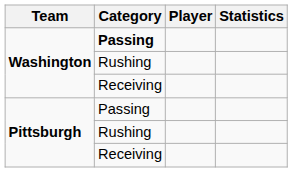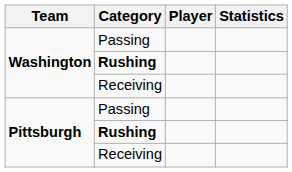 <table class="wikitable" style="float: right;">
 <tr>
 <th>Team</th>
 <th>Category</th>
 <th>Player</th>
 <th>Statistics</th>
 </tr>
 <tr>
 <td rowspan=3><strong>Washington</strong></td>
-<td><strong>Passing</strong></td>
+<td>Passing</td>
 <td></td>
 <td></td>
 </tr>
 <tr>
-<td>Rushing</td>
+<td><strong>Rushing</strong></td>
 <td></td>
 <td></td>
 </tr>
 <tr>
 <td>Receiving</td>
 <td></td>
 <td></td>
 </tr>
 <tr>
 <td rowspan=3><strong>Pittsburgh</strong></td>
 <td>Passing</td>
 <td></td>
 <td></td>
 </tr>
 <tr>
-<td>Rushing</td>
+<td><strong>Rushing</strong></td>
 <td></td>
 <td></td>
 </tr>
 <tr>
 <td>Receiving</td>
 <td></td>
 <td></td>
 </tr>
 </table>
